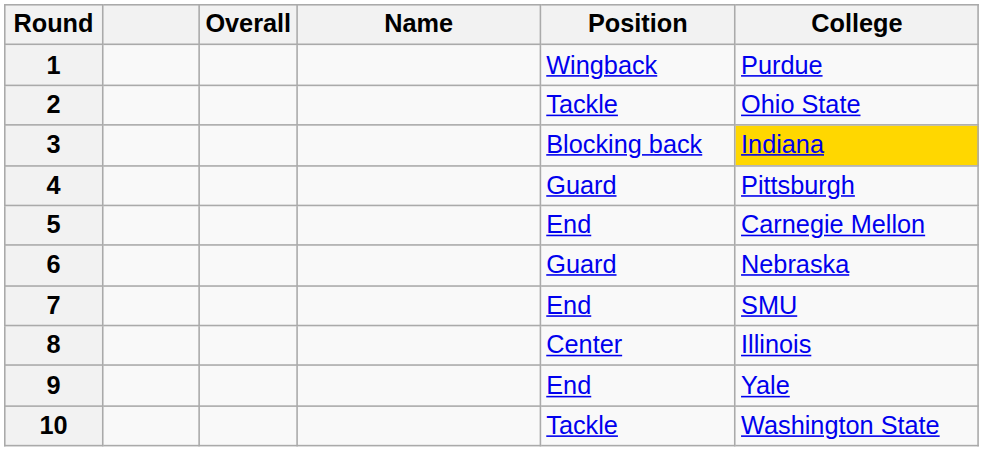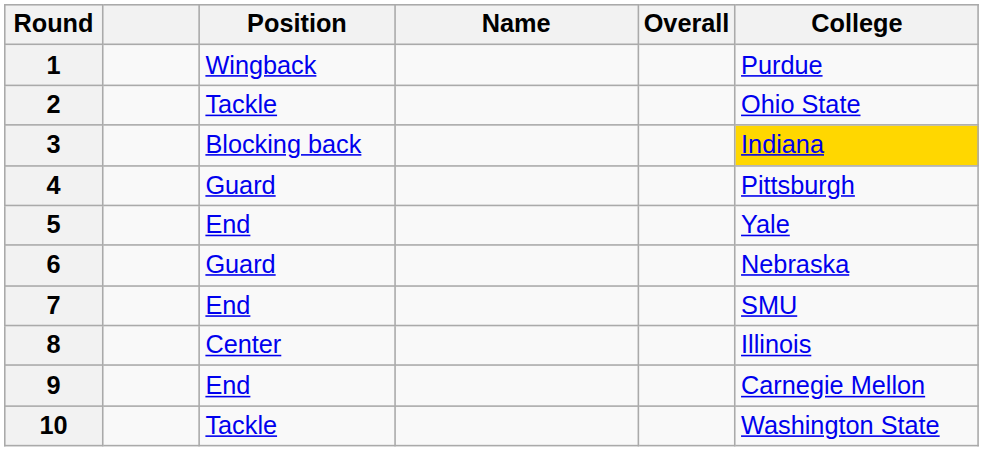 <table class="wikitable sortable">
 <tr>
 <th scope="col" style="width: 10%;">Round</th>
 <th scope="col" style="width: 10%;"></th>
+<th scope="col" style="width: 20%;">Position</th>
+<th scope="col" style="width: 25%;">Name</th>
 <th scope="col" style="width: 10%;">Overall</th>
-<th scope="col" style="width: 25%;">Name</th>
-<th scope="col" style="width: 20%;">Position</th>
 <th scope="col" style="width: 25%;">College</th>
 </tr>
 <tr>
 <th scope="row">1</th>
 <td></td>
+<td><a href='#'>Wingback</a></td>
 <td></td>
 <td></td>
-<td><a href='#'>Wingback</a></td>
 <td><a href='#'>Purdue</a></td>
 </tr>
 <tr>
 <th scope="row">2</th>
 <td></td>
+<td><a href='#'>Tackle</a></td>
 <td></td>
 <td></td>
-<td><a href='#'>Tackle</a></td>
 <td><a href='#'>Ohio State</a></td>
 </tr>
 <tr>
 <th scope="row">3</th>
 <td></td>
+<td><a href='#'>Blocking back</a></td>
 <td></td>
 <td></td>
-<td><a href='#'>Blocking back</a></td>
 <td style="background: gold;"><a href='#'>Indiana</a></td>
 </tr>
 <tr>
 <th scope="row">4</th>
 <td></td>
+<td><a href='#'>Guard</a></td>
 <td></td>
 <td></td>
-<td><a href='#'>Guard</a></td>
 <td><a href='#'>Pittsburgh</a></td>
 </tr>
 <tr>
 <th scope="row">5</th>
 <td></td>
+<td><a href='#'>End</a></td>
 <td></td>
 <td></td>
-<td><a href='#'>End</a></td>
-<td><a href='#'>Carnegie Mellon</a></td>
+<td><a href='#'>Yale</a></td>
 </tr>
 <tr>
 <th scope="row">6</th>
 <td></td>
+<td><a href='#'>Guard</a></td>
 <td></td>
 <td></td>
-<td><a href='#'>Guard</a></td>
 <td><a href='#'>Nebraska</a></td>
 </tr>
 <tr>
 <th scope="row">7</th>
 <td></td>
+<td><a href='#'>End</a></td>
 <td></td>
 <td></td>
-<td><a href='#'>End</a></td>
 <td><a href='#'>SMU</a></td>
 </tr>
 <tr>
 <th scope="row">8</th>
 <td></td>
+<td><a href='#'>Center</a></td>
 <td></td>
 <td></td>
-<td><a href='#'>Center</a></td>
 <td><a href='#'>Illinois</a></td>
 </tr>
 <tr>
 <th scope="row">9</th>
 <td></td>
+<td><a href='#'>End</a></td>
 <td></td>
 <td></td>
-<td><a href='#'>End</a></td>
-<td><a href='#'>Yale</a></td>
+<td><a href='#'>Carnegie Mellon</a></td>
 </tr>
 <tr>
 <th scope="row">10</th>
 <td></td>
+<td><a href='#'>Tackle</a></td>
 <td></td>
 <td></td>
-<td><a href='#'>Tackle</a></td>
 <td><a href='#'>Washington State</a></td>
 </tr>
 </table>
